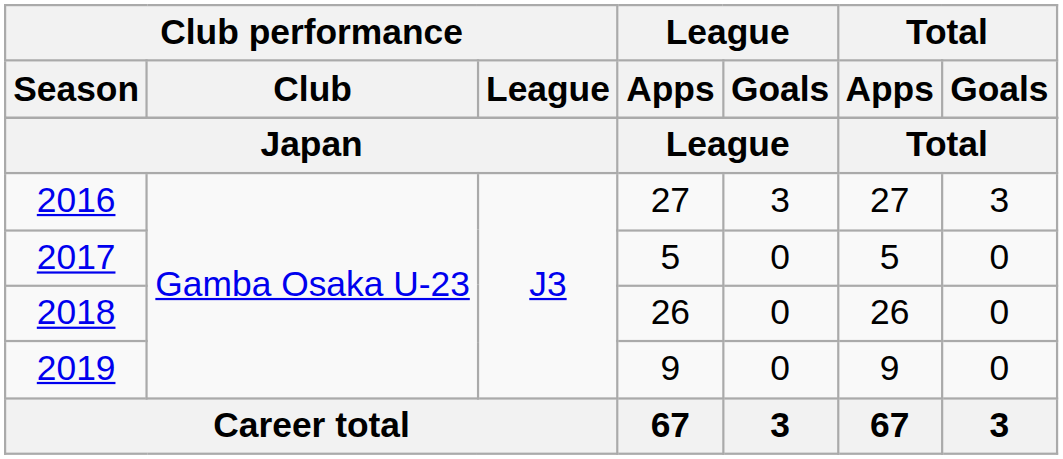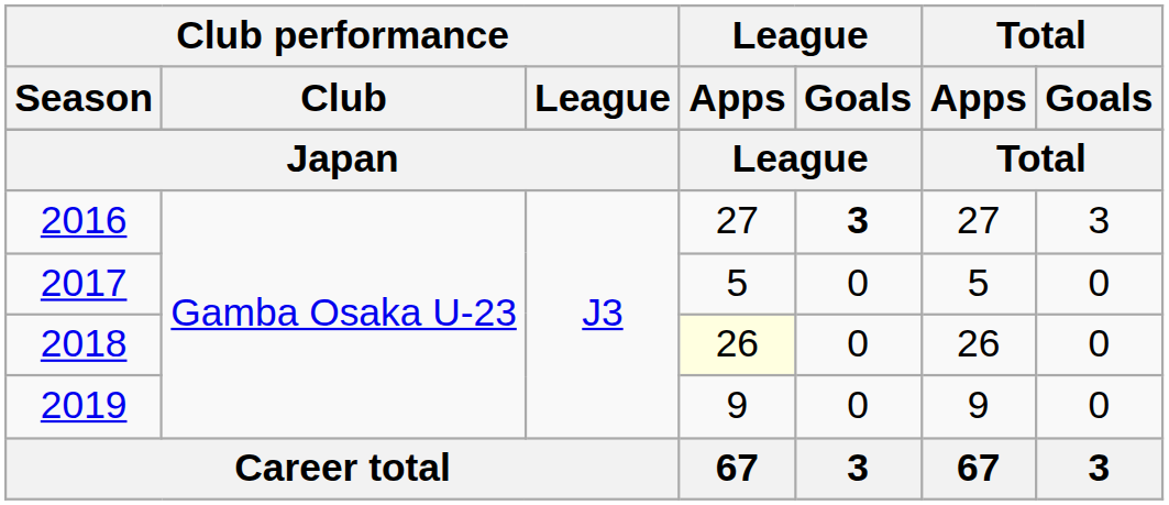 <table class="wikitable" style="text-align:center">
 <tr>
 <th colspan=3>Club performance</th>
 <th colspan=2>League</th>
 <th colspan=2>Total</th>
 </tr>
 <tr>
 <th>Season</th>
 <th>Club</th>
 <th>League</th>
 <th>Apps</th>
 <th>Goals</th>
 <th>Apps</th>
 <th>Goals</th>
 </tr>
 <tr>
 </tr>
 <tr>
 <th colspan=3>Japan</th>
 <th colspan=2>League</th>
 <th colspan=2>Total</th>
 </tr>
 <tr>
 <td><a href='#'>2016</a></td>
 <td rowspan="4"><a href='#'>Gamba Osaka U-23</a></td>
 <td rowspan="4"><a href='#'>J3</a></td>
 <td>27</td>
-<td>3</td>
+<td><strong>3</strong></td>
 <td>27</td>
 <td>3</td>
 </tr>
 <tr>
 <td><a href='#'>2017</a></td>
 <td>5</td>
 <td>0</td>
 <td>5</td>
 <td>0</td>
 </tr>
 <tr>
 <td><a href='#'>2018</a></td>
-<td>26</td>
+<td style="background: lightyellow;">26</td>
 <td>0</td>
 <td>26</td>
 <td>0</td>
 </tr>
 <tr>
 <td><a href='#'>2019</a></td>
 <td>9</td>
 <td>0</td>
 <td>9</td>
 <td>0</td>
 </tr>
 <tr>
 <th colspan=3>Career total</th>
 <th>67</th>
 <th>3</th>
 <th>67</th>
 <th>3</th>
 </tr>
 </table>
